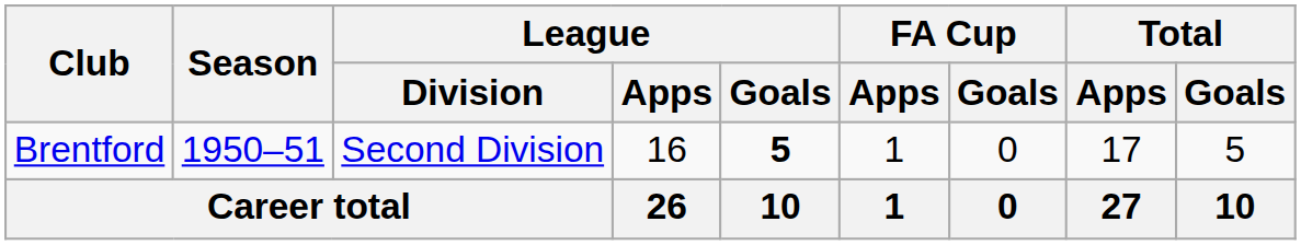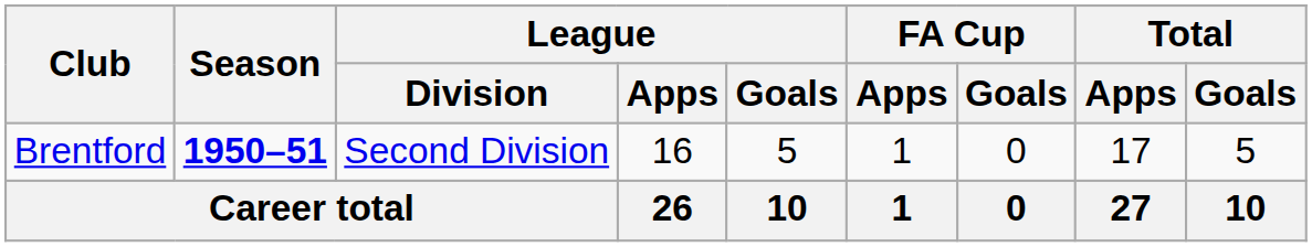 <table class="wikitable" style="text-align: center;">
 <tr>
 <th rowspan="2">Club</th>
 <th rowspan="2">Season</th>
 <th colspan="3">League</th>
 <th colspan="2">FA Cup</th>
 <th colspan="2">Total</th>
 </tr>
 <tr>
 <th>Division</th>
 <th>Apps</th>
 <th>Goals</th>
 <th>Apps</th>
 <th>Goals</th>
 <th>Apps</th>
 <th>Goals</th>
 </tr>
 <tr>
 <td><a href='#'>Brentford</a></td>
-<td><a href='#'>1950–51</a></td>
+<td><strong><a href='#'>1950–51</a></strong></td>
 <td><a href='#'>Second Division</a></td>
 <td>16</td>
-<td><strong>5</strong></td>
+<td>5</td>
 <td>1</td>
 <td>0</td>
 <td>17</td>
 <td>5</td>
 </tr>
 <tr>
 <th colspan="3">Career total</th>
 <th>26</th>
 <th>10</th>
 <th>1</th>
 <th>0</th>
 <th>27</th>
 <th>10</th>
 </tr>
 </table>
